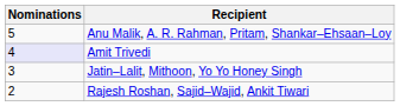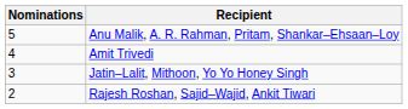 <table class="wikitable">
 <tr>
 <th>Nominations</th>
 <th>Recipient</th>
 </tr>
 <tr>
 <td>5</td>
 <td><a href='#'>Anu Malik</a>, <a href='#'>A. R. Rahman</a>, <a href='#'>Pritam</a>, <a href='#'>Shankar–Ehsaan–Loy</a></td>
 </tr>
 <tr>
-<td style="background: lavender;">4</td>
+<td>4</td>
 <td><a href='#'>Amit Trivedi</a></td>
 </tr>
 <tr>
 <td>3</td>
 <td><a href='#'>Jatin–Lalit</a>, <a href='#'>Mithoon</a>, <a href='#'>Yo Yo Honey Singh</a></td>
 </tr>
 <tr>
 <td>2</td>
 <td><a href='#'>Rajesh Roshan</a>, <a href='#'>Sajid–Wajid</a>, <a href='#'>Ankit Tiwari</a></td>
 </tr>
 </table>
